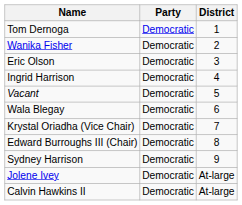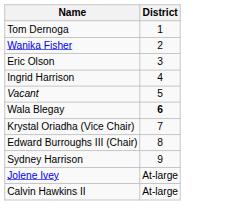 <table class="wikitable"  style="display: inline-table; margin: 2em;">
 <tr>
 <th>Name</th>
-<th>Party</th>
 <th>District</th>
 </tr>
 <tr>
 <td>Tom Dernoga</td>
-<td><a href='#'>Democratic</a></td>
 <td style="text-align: center;">1</td>
 </tr>
 <tr>
 <td><a href='#'>Wanika Fisher</a></td>
-<td>Democratic</td>
 <td style="text-align: center;">2</td>
 </tr>
 <tr>
 <td>Eric Olson</td>
-<td>Democratic</td>
 <td style="text-align: center;">3</td>
 </tr>
 <tr>
 <td>Ingrid Harrison</td>
-<td>Democratic</td>
 <td style="text-align: center;">4</td>
 </tr>
 <tr>
 <td><em>Vacant</em></td>
-<td>Democratic</td>
 <td style="text-align: center;">5</td>
 </tr>
 <tr>
 <td>Wala Blegay</td>
-<td>Democratic</td>
-<td style="text-align: center;">6</td>
+<td style="text-align: center;"><strong>6</strong></td>
 </tr>
 <tr>
 <td>Krystal Oriadha (Vice Chair)</td>
-<td>Democratic</td>
 <td style="text-align: center;">7</td>
 </tr>
 <tr>
 <td>Edward Burroughs III (Chair)</td>
-<td>Democratic</td>
 <td style="text-align: center;">8</td>
 </tr>
 <tr>
 <td>Sydney Harrison</td>
-<td>Democratic</td>
 <td style="text-align: center;">9</td>
 </tr>
 <tr>
 <td><a href='#'>Jolene Ivey</a></td>
-<td>Democratic</td>
 <td style="text-align: center;">At-large</td>
 </tr>
 <tr>
 <td>Calvin Hawkins II</td>
-<td>Democratic</td>
 <td style="text-align: center;">At-large</td>
 </tr>
 </table>
